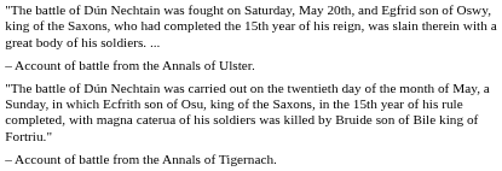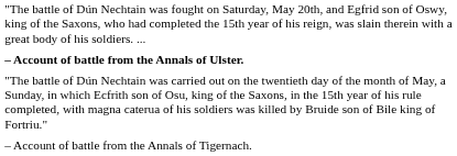 <table class="toccolours" style="float: left; margin-left: 1em; margin-right: 2em; font-size: 85%; background:#dddddd9; color:black; width:40em; max-width: 40%;" cellspacing="5">
 <tr>
 <td style="text-align: left;">"The battle of Dún Nechtain was fought on Saturday, May 20th, and Egfrid son of Oswy, king of the Saxons, who had completed the 15th year of his reign, was slain therein with a great body of his soldiers. ...</td>
 </tr>
 <tr>
-<td style="text-align: left;">– Account of battle from the Annals of Ulster.</td>
+<td style="text-align: left;"><strong>– Account of battle from the Annals of Ulster.</strong></td>
 </tr>
 <tr>
 <td>"The battle of Dún Nechtain was carried out on the twentieth day of the month of May, a Sunday, in which Ecfrith son of Osu, king of the Saxons, in the 15th year of his rule completed, with magna caterua of his soldiers was killed by Bruide son of Bile king of Fortriu."</td>
 </tr>
 <tr>
 <td style="text-align: left;">– Account of battle from the Annals of Tigernach.</td>
 </tr>
 </table>
